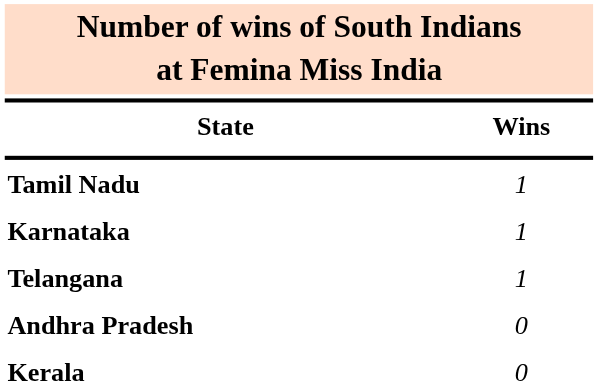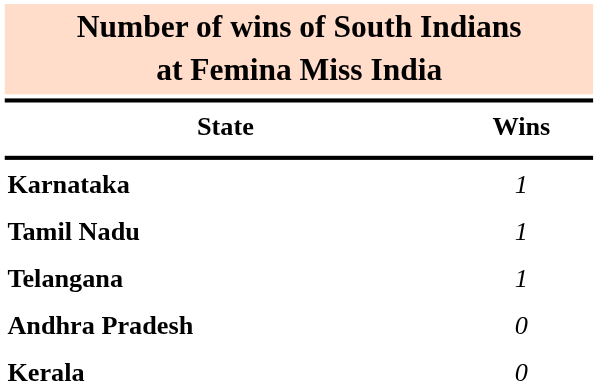 <table class="toccolours" style="width: 20em; float:right; margin-left:1em; font-size:80%; line-height:1.5em; width:23%;">
 <tr>
 <th colspan="2" align="center" style="background:#FFDDCA;"><big>Number of wins of South Indians<br> at Femina Miss India</big></th>
 </tr>
 <tr>
 <td colspan="2" style="background:black"></td>
 </tr>
 <tr>
 <th scope="col">State</th>
 <th scope="col">Wins</th>
 </tr>
 <tr>
 <td colspan="2" style="background:black"></td>
 </tr>
 <tr>
-<td align="left"><strong>Tamil Nadu</strong></td>
+<td align="left"><strong>Karnataka</strong></td>
 <td align="center"><em>1</em></td>
 </tr>
 <tr>
-<td align="left"><strong>Karnataka</strong></td>
+<td align="left"><strong>Tamil Nadu</strong></td>
 <td align="center"><em>1</em></td>
 </tr>
 <tr>
 <td align="left"><strong>Telangana</strong></td>
 <td align="center"><em>1</em></td>
 </tr>
 <tr>
 <td align="left"><strong>Andhra Pradesh</strong></td>
 <td align="center"><em>0</em></td>
 </tr>
 <tr>
 <td align="left"><strong>Kerala</strong></td>
 <td align="center"><em>0</em></td>
 </tr>
 <tr>
 </tr>
 </table>
